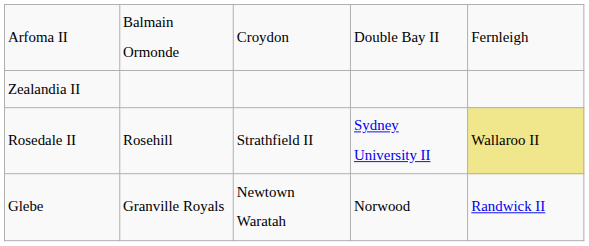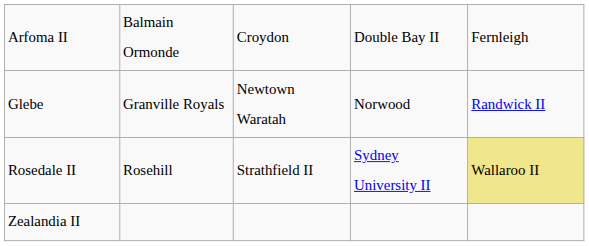 <table class="wikitable" style="margin:auto; text-valign:center; text-align:left;">
 <tr style="line-height:200%">
 <td width="175"> Arfoma II</td>
 <td width="175"> Balmain Ormonde</td>
 <td width="175"> Croydon</td>
 <td width="175"> Double Bay II</td>
 <td width="175"> Fernleigh</td>
 </tr>
 <tr style="line-height:200%">
-<td> Zealandia II</td>
-<td></td>
-<td></td>
-<td></td>
-<td></td>
+<td> Glebe</td>
+<td> Granville Royals</td>
+<td> Newtown Waratah</td>
+<td> Norwood</td>
+<td> <a href='#'>Randwick II</a></td>
 </tr>
 <tr style="line-height:200%">
 <td> Rosedale II</td>
 <td> Rosehill</td>
 <td> Strathfield II</td>
 <td> <a href='#'>Sydney University II</a></td>
 <td style="background: khaki;"> Wallaroo II</td>
 </tr>
 <tr style="line-height:200%">
-<td> Glebe</td>
-<td> Granville Royals</td>
-<td> Newtown Waratah</td>
-<td> Norwood</td>
-<td> <a href='#'>Randwick II</a></td>
+<td> Zealandia II</td>
+<td></td>
+<td></td>
+<td></td>
+<td></td>
 </tr>
 </table>
